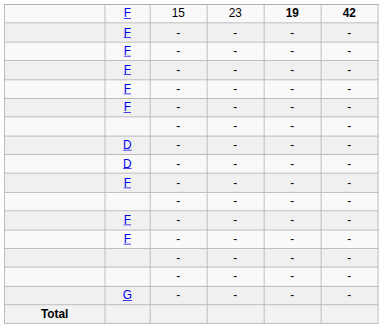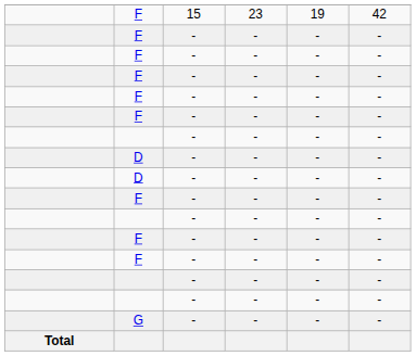 <table class="wikitable sortable" width ="40%">
 <tr align="center">
 </tr>
 <tr align="center" bgcolor="">
 <td></td>
 <td><a href='#'>F</a></td>
 <td>15</td>
 <td>23</td>
-<td><strong>19</strong></td>
-<td><strong>42</strong></td>
+<td>19</td>
+<td>42</td>
 </tr>
 <tr align="center" bgcolor="f0f0f0">
 <td></td>
 <td><a href='#'>F</a></td>
 <td>-</td>
 <td>-</td>
 <td>-</td>
 <td>-</td>
 </tr>
 <tr align="center" bgcolor="">
 <td></td>
 <td><a href='#'>F</a></td>
 <td>-</td>
 <td>-</td>
 <td>-</td>
 <td>-</td>
 </tr>
 <tr align="center" bgcolor="f0f0f0">
 <td></td>
 <td><a href='#'>F</a></td>
 <td>-</td>
 <td>-</td>
 <td>-</td>
 <td>-</td>
 </tr>
 <tr align="center" bgcolor="">
 <td></td>
 <td><a href='#'>F</a></td>
 <td>-</td>
 <td>-</td>
 <td>-</td>
 <td>-</td>
 </tr>
 <tr align="center" bgcolor="f0f0f0">
 <td></td>
 <td><a href='#'>F</a></td>
 <td>-</td>
 <td>-</td>
 <td>-</td>
 <td>-</td>
 </tr>
 <tr align="center" bgcolor="">
 <td></td>
 <td></td>
 <td>-</td>
 <td>-</td>
 <td>-</td>
 <td>-</td>
 </tr>
 <tr align="center" bgcolor="f0f0f0">
 <td></td>
 <td><a href='#'>D</a></td>
 <td>-</td>
 <td>-</td>
 <td>-</td>
 <td>-</td>
 </tr>
 <tr align="center" bgcolor="">
 <td></td>
 <td><a href='#'>D</a></td>
 <td>-</td>
 <td>-</td>
 <td>-</td>
 <td>-</td>
 </tr>
 <tr align="center" bgcolor="f0f0f0">
 <td></td>
 <td><a href='#'>F</a></td>
 <td>-</td>
 <td>-</td>
 <td>-</td>
 <td>-</td>
 </tr>
 <tr align="center" bgcolor="">
 <td></td>
 <td></td>
 <td>-</td>
 <td>-</td>
 <td>-</td>
 <td>-</td>
 </tr>
 <tr align="center" bgcolor="f0f0f0">
 <td></td>
 <td><a href='#'>F</a></td>
 <td>-</td>
 <td>-</td>
 <td>-</td>
 <td>-</td>
 </tr>
 <tr align="center" bgcolor="">
 <td></td>
 <td><a href='#'>F</a></td>
 <td>-</td>
 <td>-</td>
 <td>-</td>
 <td>-</td>
 </tr>
 <tr align="center" bgcolor="f0f0f0">
 <td></td>
 <td></td>
 <td>-</td>
 <td>-</td>
 <td>-</td>
 <td>-</td>
 </tr>
 <tr align="center" bgcolor="">
 <td></td>
 <td></td>
 <td>-</td>
 <td>-</td>
 <td>-</td>
 <td>-</td>
 </tr>
 <tr align="center" bgcolor="f0f0f0">
 <td></td>
 <td><a href='#'>G</a></td>
 <td>-</td>
 <td>-</td>
 <td>-</td>
 <td>-</td>
 </tr>
 <tr>
 <th>Total</th>
 <th></th>
 <th></th>
 <th></th>
 <th></th>
 <th></th>
 </tr>
 </table>
